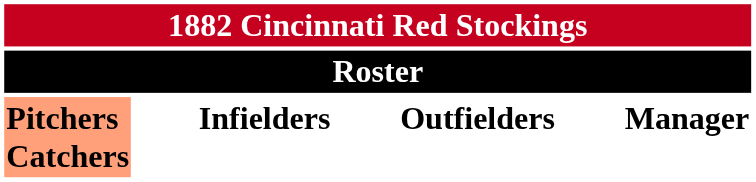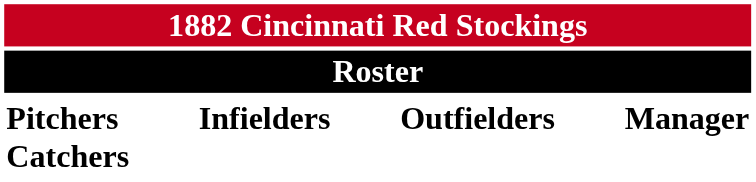 <table class="toccolours" style="font-size: 95%;">
 <tr>
 <th colspan="10" style="background-color: #c6011f; color: white; text-align: center;">1882 Cincinnati Red Stockings</th>
 </tr>
 <tr>
 <td colspan="10" style="background-color: black; color: white; text-align: center;"><strong>Roster</strong></td>
 </tr>
 <tr>
-<td valign="top" style="background: lightsalmon;"><strong>Pitchers</strong><br>  <strong>Catchers</strong>   </td>
+<td valign="top"><strong>Pitchers</strong><br>  <strong>Catchers</strong>   </td>
 <td width="25px"></td>
 <td valign="top"><strong>Infielders</strong><br>     </td>
 <td width="25px"></td>
 <td valign="top"><strong>Outfielders</strong><br>   </td>
 <td width="25px"></td>
 <td valign="top"><strong>Manager</strong><br></td>
 </tr>
 </table>
